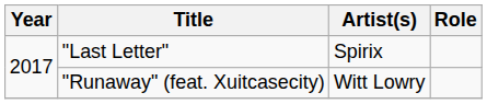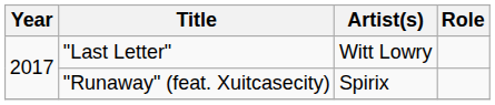 <table class="wikitable sortable">
 <tr>
 <th>Year</th>
 <th>Title</th>
 <th>Artist(s)</th>
 <th class="unsortable">Role</th>
 </tr>
 <tr>
 <td rowspan="2">2017</td>
 <td>"Last Letter"</td>
-<td>Spirix</td>
+<td>Witt Lowry</td>
 <td></td>
 </tr>
 <tr>
 <td>"Runaway" (feat. Xuitcasecity)</td>
-<td>Witt Lowry</td>
+<td>Spirix</td>
 <td></td>
 </tr>
 <tr>
 </tr>
 </table>
